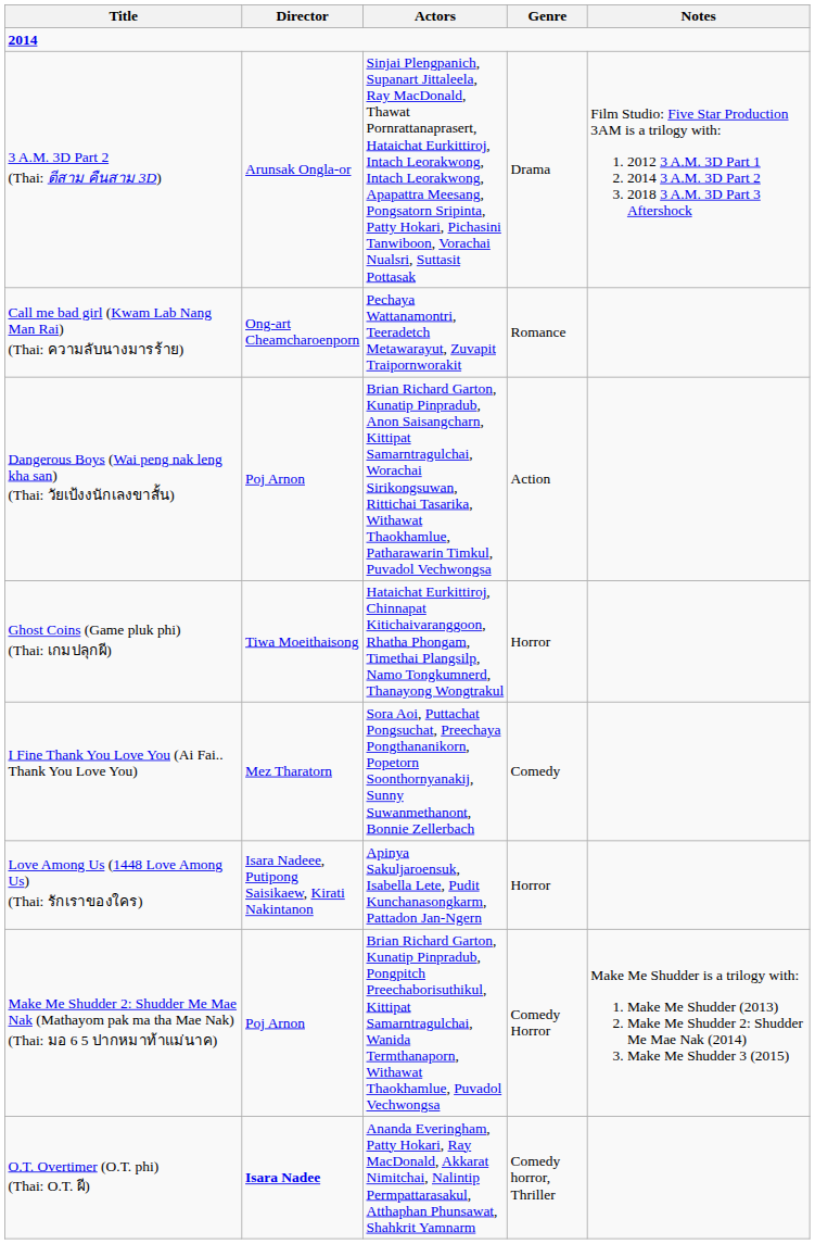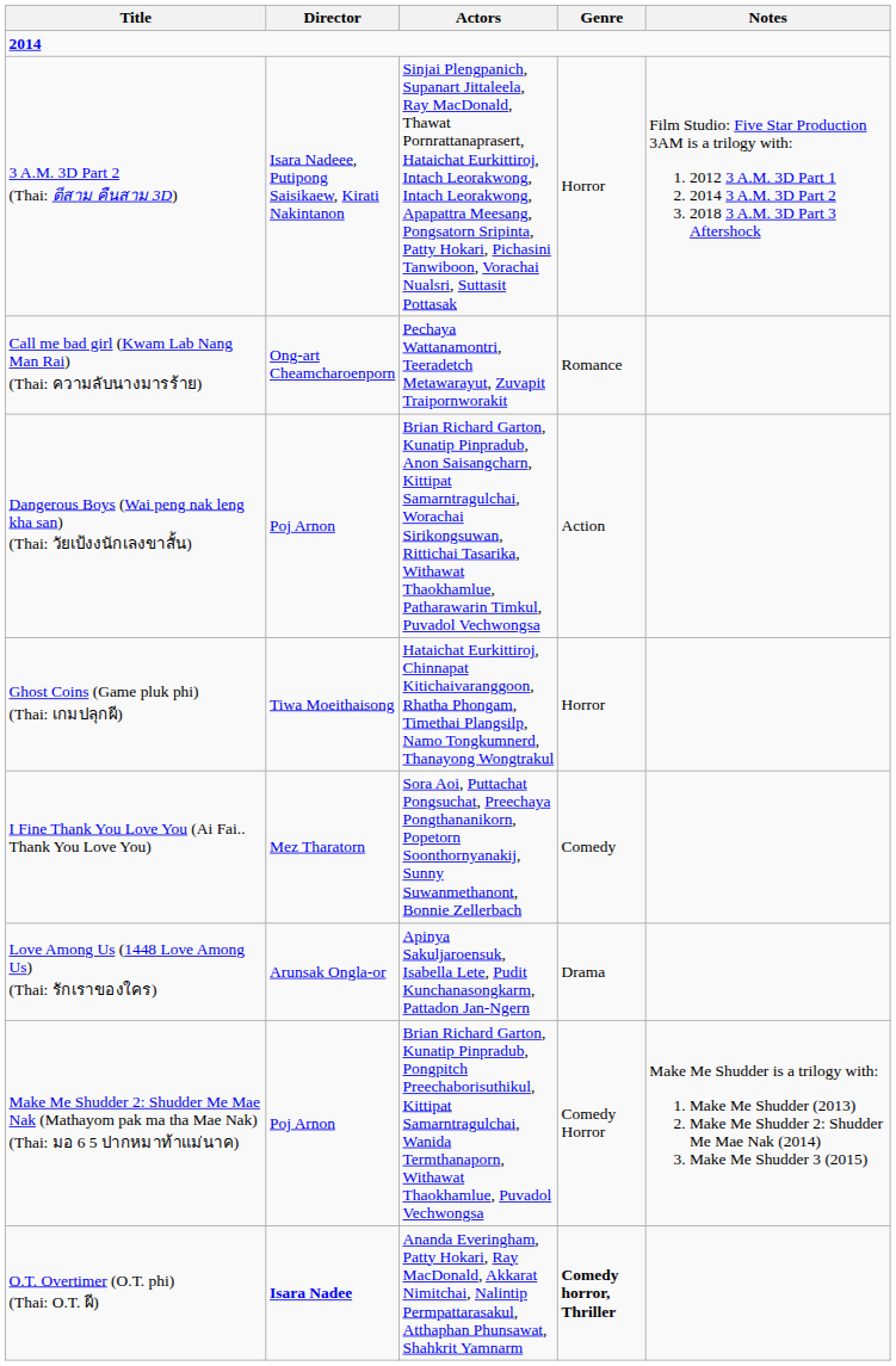 <table class="wikitable sortable" style="width:100%;">
 <tr>
 <th style="width:30%;">Title</th>
 <th style="width:14%;">Director</th>
 <th style="width:18%;">Actors</th>
 <th style="width:10%;">Genre</th>
 <th style="width:28%;">Notes</th>
 </tr>
 <tr>
 <td colspan="7" ><strong><a href='#'>2014</a></strong></td>
 </tr>
 <tr>
 <td><a href='#'>3 A.M. 3D Part 2</a><br>(Thai: <em><a href='#'>ตีสาม คืนสาม 3D</a></em>)</td>
-<td><a href='#'>Arunsak Ongla-or</a></td>
+<td><a href='#'>Isara Nadeee</a>, <a href='#'>Putipong Saisikaew</a>, <a href='#'>Kirati Nakintanon</a></td>
 <td><a href='#'>Sinjai Plengpanich</a>, <a href='#'>Supanart Jittaleela</a>, <a href='#'>Ray MacDonald</a>, Thawat Pornrattanaprasert, <a href='#'>Hataichat Eurkittiroj</a>, <a href='#'>Intach Leorakwong</a>, <a href='#'>Intach Leorakwong</a>, <a href='#'>Apapattra Meesang</a>, <a href='#'>Pongsatorn Sripinta</a>, <a href='#'>Patty Hokari</a>, <a href='#'>Pichasini Tanwiboon</a>, <a href='#'>Vorachai Nualsri</a>, <a href='#'>Suttasit Pottasak</a></td>
-<td>Drama</td>
+<td>Horror</td>
 <td>Film Studio: <a href='#'>Five Star Production</a><br>3AM is a trilogy with:<ol><li>2012 <a href='#'>3 A.M. 3D Part 1</a></li><li>2014 <a href='#'>3 A.M. 3D Part 2</a></li><li>2018 <a href='#'>3 A.M. 3D Part 3 Aftershock</a></li></ol></td>
 </tr>
 <tr>
 <td><a href='#'>Call me bad girl</a> (<a href='#'>Kwam Lab Nang Man Rai</a>)<br>(Thai: ความลับนางมารร้าย)</td>
 <td><a href='#'>Ong-art Cheamcharoenporn</a></td>
 <td><a href='#'>Pechaya Wattanamontri</a>, <a href='#'>Teeradetch Metawarayut</a>, <a href='#'>Zuvapit Traipornworakit</a></td>
 <td>Romance</td>
 <td></td>
 </tr>
 <tr>
 <td><a href='#'>Dangerous Boys</a> (<a href='#'>Wai peng nak leng kha san</a>)<br>(Thai: วัยเป้งงนักเลงขาสั้น)</td>
 <td><a href='#'>Poj Arnon</a></td>
 <td><a href='#'>Brian Richard Garton</a>, <a href='#'>Kunatip Pinpradub</a>, <a href='#'>Anon Saisangcharn</a>, <a href='#'>Kittipat Samarntragulchai</a>, <a href='#'>Worachai Sirikongsuwan</a>, <a href='#'>Rittichai Tasarika</a>, <a href='#'>Withawat Thaokhamlue</a>, <a href='#'>Patharawarin Timkul</a>, <a href='#'>Puvadol Vechwongsa</a></td>
 <td>Action</td>
 <td></td>
 </tr>
 <tr>
 <td><a href='#'>Ghost Coins</a> (Game pluk phi)<br>(Thai: เกมปลุกผี)</td>
 <td><a href='#'>Tiwa Moeithaisong</a></td>
 <td><a href='#'>Hataichat Eurkittiroj</a>, <a href='#'>Chinnapat Kitichaivaranggoon</a>, <a href='#'>Rhatha Phongam</a>, <a href='#'>Timethai Plangsilp</a>, <a href='#'>Namo Tongkumnerd</a>, <a href='#'>Thanayong Wongtrakul</a></td>
 <td>Horror</td>
 <td></td>
 </tr>
 <tr>
 <td><a href='#'>I Fine Thank You Love You</a> (Ai Fai.. Thank You Love You)<br><br></td>
 <td><a href='#'>Mez Tharatorn</a></td>
 <td><a href='#'>Sora Aoi</a>, <a href='#'>Puttachat Pongsuchat</a>, <a href='#'>Preechaya Pongthananikorn</a>, <a href='#'>Popetorn Soonthornyanakij</a>, <a href='#'>Sunny Suwanmethanont</a>, <a href='#'>Bonnie Zellerbach</a></td>
 <td>Comedy</td>
 <td></td>
 </tr>
 <tr>
 <td><a href='#'>Love Among Us</a> (<a href='#'>1448 Love Among Us</a>)<br>(Thai: รักเราของใคร)</td>
-<td><a href='#'>Isara Nadeee</a>, <a href='#'>Putipong Saisikaew</a>, <a href='#'>Kirati Nakintanon</a></td>
+<td><a href='#'>Arunsak Ongla-or</a></td>
 <td><a href='#'>Apinya Sakuljaroensuk</a>, <a href='#'>Isabella Lete</a>, <a href='#'>Pudit Kunchanasongkarm</a>, <a href='#'>Pattadon Jan-Ngern</a></td>
-<td>Horror</td>
+<td>Drama</td>
 <td></td>
 </tr>
 <tr>
 <td><a href='#'>Make Me Shudder 2: Shudder Me Mae Nak</a> (Mathayom pak ma tha Mae Nak)<br>(Thai: มอ 6 5 ปากหมาท้าแม่นาค)</td>
 <td><a href='#'>Poj Arnon</a></td>
 <td><a href='#'>Brian Richard Garton</a>, <a href='#'>Kunatip Pinpradub</a>, <a href='#'>Pongpitch Preechaborisuthikul</a>, <a href='#'>Kittipat Samarntragulchai</a>, <a href='#'>Wanida Termthanaporn</a>, <a href='#'>Withawat Thaokhamlue</a>, <a href='#'>Puvadol Vechwongsa</a></td>
 <td>Comedy Horror</td>
 <td>Make Me Shudder is a trilogy with:<br><ol><li>Make Me Shudder (2013)</li><li>Make Me Shudder 2: Shudder Me Mae Nak (2014)</li><li>Make Me Shudder 3 (2015)</li></ol></td>
 </tr>
 <tr>
 <td><a href='#'>O.T. Overtimer</a> (O.T. phi)<br>(Thai: O.T. ผี)</td>
 <td><strong><a href='#'>Isara Nadee</a></strong></td>
 <td><a href='#'>Ananda Everingham</a>, <a href='#'>Patty Hokari</a>, <a href='#'>Ray MacDonald</a>, <a href='#'>Akkarat Nimitchai</a>, <a href='#'>Nalintip Permpattarasakul</a>, <a href='#'>Atthaphan Phunsawat</a>, <a href='#'>Shahkrit Yamnarm</a></td>
-<td>Comedy horror, Thriller</td>
+<td><strong>Comedy horror, Thriller</strong></td>
 <td></td>
 </tr>
 </table>
